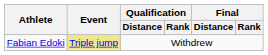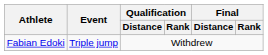 <table class="wikitable" style="font-size:90%">
 <tr>
 <th rowspan=2>Athlete</th>
 <th rowspan=2>Event</th>
 <th colspan=2>Qualification</th>
 <th colspan=2>Final</th>
 </tr>
 <tr style="font-size:95%">
 <th>Distance</th>
 <th>Rank</th>
 <th>Distance</th>
 <th>Rank</th>
 </tr>
 <tr align=center>
 <td align=left><a href='#'>Fabian Edoki</a></td>
-<td align=left style="background: khaki;"><a href='#'>Triple jump</a></td>
+<td align=left><a href='#'>Triple jump</a></td>
 <td colspan=4>Withdrew</td>
 </tr>
 </table>
